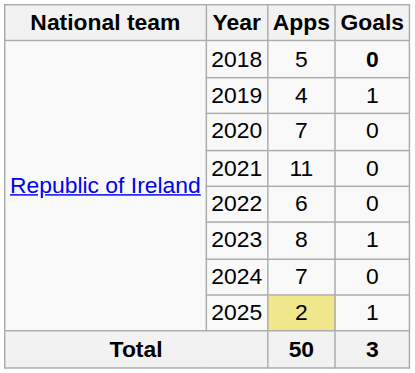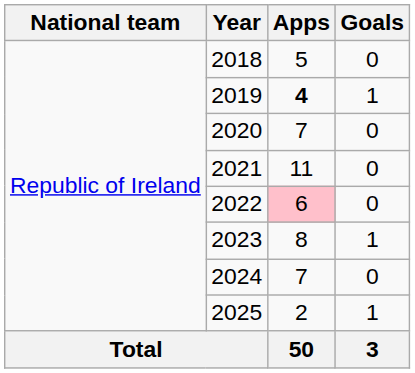 <table class="wikitable" style="text-align:center">
 <tr>
 <th>National team</th>
 <th>Year</th>
 <th>Apps</th>
 <th>Goals</th>
 </tr>
 <tr>
 <td rowspan="8"><a href='#'>Republic of Ireland</a></td>
 <td>2018</td>
 <td>5</td>
-<td><strong>0</strong></td>
+<td>0</td>
 </tr>
 <tr>
 <td>2019</td>
-<td>4</td>
+<td><strong>4</strong></td>
 <td>1</td>
 </tr>
 <tr>
 <td>2020</td>
 <td>7</td>
 <td>0</td>
 </tr>
 <tr>
 <td>2021</td>
 <td>11</td>
 <td>0</td>
 </tr>
 <tr>
 <td>2022</td>
-<td>6</td>
+<td style="background: pink;">6</td>
 <td>0</td>
 </tr>
 <tr>
 <td>2023</td>
 <td>8</td>
 <td>1</td>
 </tr>
 <tr>
 <td>2024</td>
 <td>7</td>
 <td>0</td>
 </tr>
 <tr>
 <td>2025</td>
-<td style="background: khaki;">2</td>
+<td>2</td>
 <td>1</td>
 </tr>
 <tr>
 <th colspan="2">Total</th>
 <th>50</th>
 <th>3</th>
 </tr>
 </table>
